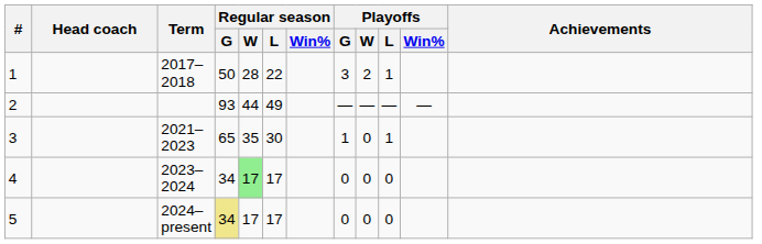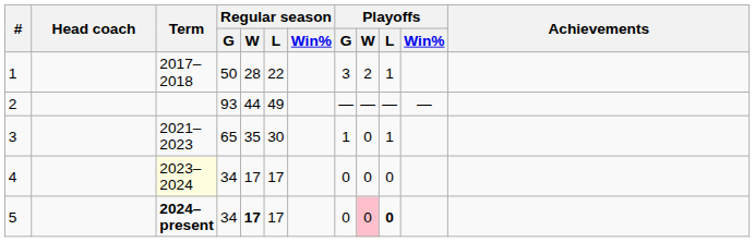 <table class="wikitable sortable" style="font-size:95%; text-align:center">
 <tr>
 <th scope="col" style="width:20px" rowspan="2">#</th>
 <th scope="col" style="width:120px" rowspan="2">Head coach</th>
 <th scope="col" style="width:50px" rowspan="2">Term</th>
 <th scope="col" style="width:80px" colspan="4">Regular season</th>
 <th scope="col" style="width:80px" colspan="4">Playoffs</th>
 <th scope="col" style="width:300px" rowspan="2">Achievements</th>
 </tr>
 <tr>
 <th>G</th>
 <th>W</th>
 <th>L</th>
 <th><a href='#'>Win%</a></th>
 <th>G</th>
 <th>W</th>
 <th>L</th>
 <th><a href='#'>Win%</a></th>
 </tr>
 <tr>
 <td align=left>1</td>
 <td align=left></td>
 <td align=left>2017–2018</td>
 <td>50</td>
 <td>28</td>
 <td>22</td>
 <td></td>
 <td>3</td>
 <td>2</td>
 <td>1</td>
 <td></td>
 <td align=left></td>
 </tr>
 <tr>
 <td align=left>2</td>
 <td align=left></td>
 <td align=left></td>
 <td>93</td>
 <td>44</td>
 <td>49</td>
 <td></td>
 <td>—</td>
 <td>—</td>
 <td>—</td>
 <td>—</td>
 <td align=left></td>
 </tr>
 <tr>
 <td align=left>3</td>
 <td align=left></td>
 <td align=left>2021–2023</td>
 <td>65</td>
 <td>35</td>
 <td>30</td>
 <td></td>
 <td>1</td>
 <td>0</td>
 <td>1</td>
 <td></td>
 <td align=left></td>
 </tr>
 <tr>
 <td align=left>4</td>
 <td align=left></td>
-<td align=left>2023–2024</td>
+<td align=left style="background: lightyellow;">2023–2024</td>
 <td>34</td>
-<td style="background: lightgreen;">17</td>
+<td>17</td>
 <td>17</td>
 <td></td>
 <td>0</td>
 <td>0</td>
 <td>0</td>
 <td></td>
 <td align=left></td>
 </tr>
 <tr>
 <td align=left>5</td>
 <td align=left></td>
-<td align=left>2024–present</td>
-<td style="background: khaki;">34</td>
-<td>17</td>
+<td align=left><strong>2024–present</strong></td>
+<td>34</td>
+<td><strong>17</strong></td>
 <td>17</td>
 <td></td>
 <td>0</td>
-<td>0</td>
-<td>0</td>
+<td style="background: pink;">0</td>
+<td><strong>0</strong></td>
 <td></td>
 <td align=left></td>
 </tr>
 </table>
